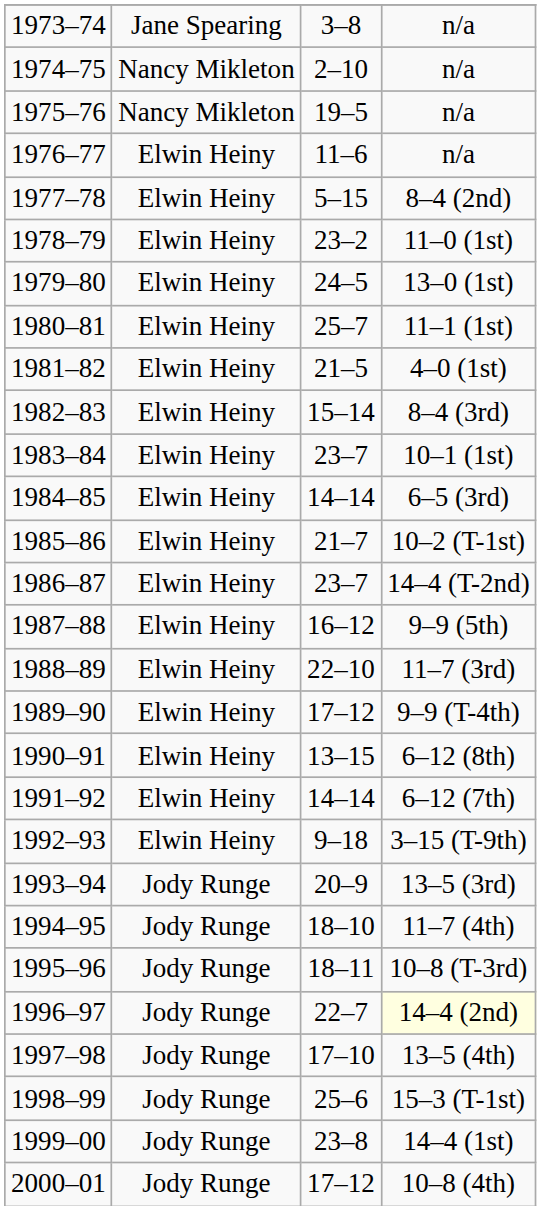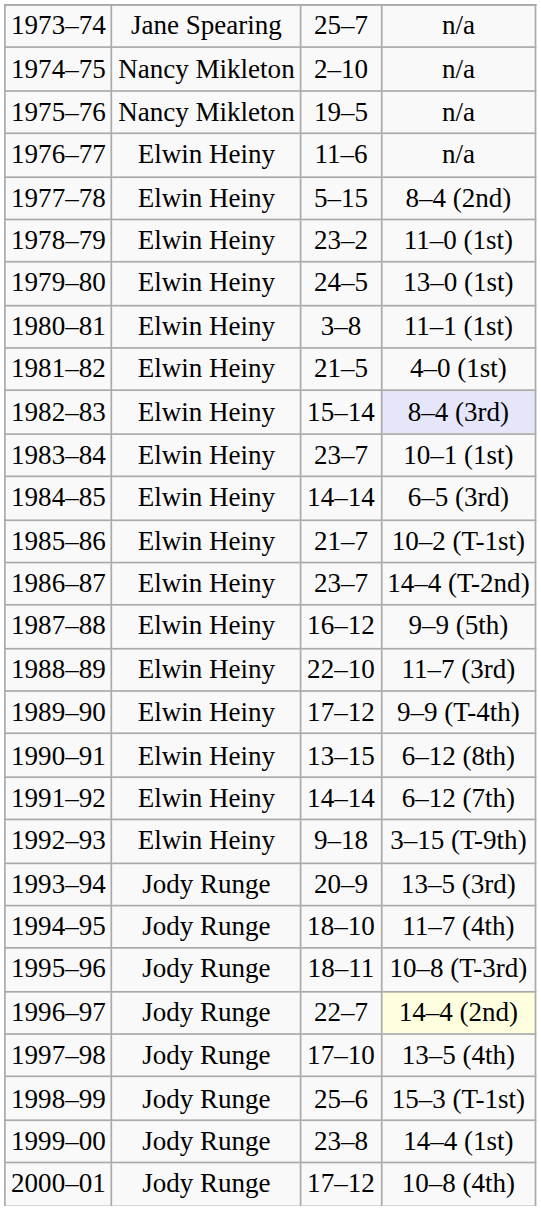 <table class="wikitable" style="text-align:center">
 <tr>
 </tr>
 <tr>
 <td style="text-align:left">1973–74</td>
 <td>Jane Spearing</td>
-<td>3–8</td>
+<td>25–7</td>
 <td>n/a</td>
 </tr>
 <tr>
 <td style="text-align:left">1974–75</td>
 <td>Nancy Mikleton</td>
 <td>2–10</td>
 <td>n/a</td>
 </tr>
 <tr>
 <td style="text-align:left">1975–76</td>
 <td>Nancy Mikleton</td>
 <td>19–5</td>
 <td>n/a</td>
 </tr>
 <tr>
 <td style="text-align:left">1976–77</td>
 <td>Elwin Heiny</td>
 <td>11–6</td>
 <td>n/a</td>
 </tr>
 <tr>
 <td style="text-align:left">1977–78</td>
 <td>Elwin Heiny</td>
 <td>5–15</td>
 <td>8–4 (2nd)</td>
 </tr>
 <tr>
 <td style="text-align:left">1978–79</td>
 <td>Elwin Heiny</td>
 <td>23–2</td>
 <td>11–0 (1st)</td>
 </tr>
 <tr>
 <td style="text-align:left">1979–80</td>
 <td>Elwin Heiny</td>
 <td>24–5</td>
 <td>13–0 (1st)</td>
 </tr>
 <tr>
 <td style="text-align:left">1980–81</td>
 <td>Elwin Heiny</td>
-<td>25–7</td>
+<td>3–8</td>
 <td>11–1 (1st)</td>
 </tr>
 <tr>
 <td style="text-align:left">1981–82</td>
 <td>Elwin Heiny</td>
 <td>21–5</td>
 <td>4–0 (1st)</td>
 </tr>
 <tr>
 <td style="text-align:left">1982–83</td>
 <td>Elwin Heiny</td>
 <td>15–14</td>
-<td>8–4 (3rd)</td>
+<td style="background: lavender;">8–4 (3rd)</td>
 </tr>
 <tr>
 <td style="text-align:left">1983–84</td>
 <td>Elwin Heiny</td>
 <td>23–7</td>
 <td>10–1 (1st)</td>
 </tr>
 <tr>
 <td style="text-align:left">1984–85</td>
 <td>Elwin Heiny</td>
 <td>14–14</td>
 <td>6–5 (3rd)</td>
 </tr>
 <tr>
 <td style="text-align:left">1985–86</td>
 <td>Elwin Heiny</td>
 <td>21–7</td>
 <td>10–2 (T-1st)</td>
 </tr>
 <tr>
 <td style="text-align:left">1986–87</td>
 <td>Elwin Heiny</td>
 <td>23–7</td>
 <td>14–4 (T-2nd)</td>
 </tr>
 <tr>
 <td style="text-align:left">1987–88</td>
 <td>Elwin Heiny</td>
 <td>16–12</td>
 <td>9–9 (5th)</td>
 </tr>
 <tr>
 <td style="text-align:left">1988–89</td>
 <td>Elwin Heiny</td>
 <td>22–10</td>
 <td>11–7 (3rd)</td>
 </tr>
 <tr>
 <td style="text-align:left">1989–90</td>
 <td>Elwin Heiny</td>
 <td>17–12</td>
 <td>9–9 (T-4th)</td>
 </tr>
 <tr>
 <td style="text-align:left">1990–91</td>
 <td>Elwin Heiny</td>
 <td>13–15</td>
 <td>6–12 (8th)</td>
 </tr>
 <tr>
 <td style="text-align:left">1991–92</td>
 <td>Elwin Heiny</td>
 <td>14–14</td>
 <td>6–12 (7th)</td>
 </tr>
 <tr>
 <td style="text-align:left">1992–93</td>
 <td>Elwin Heiny</td>
 <td>9–18</td>
 <td>3–15 (T-9th)</td>
 </tr>
 <tr>
 <td style="text-align:left">1993–94</td>
 <td>Jody Runge</td>
 <td>20–9</td>
 <td>13–5 (3rd)</td>
 </tr>
 <tr>
 <td style="text-align:left">1994–95</td>
 <td>Jody Runge</td>
 <td>18–10</td>
 <td>11–7 (4th)</td>
 </tr>
 <tr>
 <td style="text-align:left">1995–96</td>
 <td>Jody Runge</td>
 <td>18–11</td>
 <td>10–8 (T-3rd)</td>
 </tr>
 <tr>
 <td style="text-align:left">1996–97</td>
 <td>Jody Runge</td>
 <td>22–7</td>
 <td style="background: lightyellow;">14–4 (2nd)</td>
 </tr>
 <tr>
 <td style="text-align:left">1997–98</td>
 <td>Jody Runge</td>
 <td>17–10</td>
 <td>13–5 (4th)</td>
 </tr>
 <tr>
 <td style="text-align:left">1998–99</td>
 <td>Jody Runge</td>
 <td>25–6</td>
 <td>15–3 (T-1st)</td>
 </tr>
 <tr>
 <td style="text-align:left">1999–00</td>
 <td>Jody Runge</td>
 <td>23–8</td>
 <td>14–4 (1st)</td>
 </tr>
 <tr>
 <td style="text-align:left">2000–01</td>
 <td>Jody Runge</td>
 <td>17–12</td>
 <td>10–8 (4th)</td>
 </tr>
 </table>
